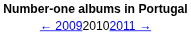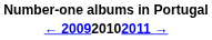 <table class="toc" id="toc" summary="Contents">
 <tr>
 <th>Number-one albums in Portugal</th>
 </tr>
 <tr>
-<td align="center"><a href='#'>← 2009</a>2010<a href='#'>2011 →</a></td>
+<td align="center"><strong><a href='#'>← 2009</a>2010<a href='#'>2011 →</a></strong></td>
 </tr>
 </table>
